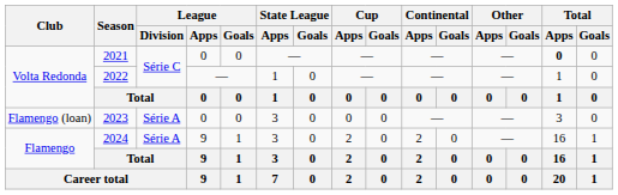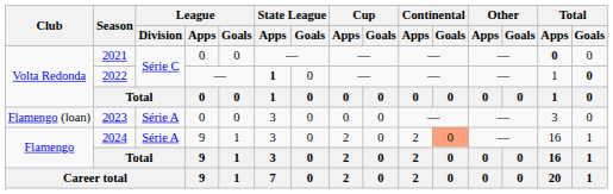 <table class="wikitable" style="text-align: center; font-size:96%">
 <tr>
 <th rowspan="2">Club</th>
 <th rowspan="2">Season</th>
 <th colspan="3">League</th>
 <th colspan="2">State League</th>
 <th colspan="2">Cup</th>
 <th colspan="2">Continental</th>
 <th colspan="2">Other</th>
 <th colspan="2">Total</th>
 </tr>
 <tr>
 <th>Division</th>
 <th>Apps</th>
 <th>Goals</th>
 <th>Apps</th>
 <th>Goals</th>
 <th>Apps</th>
 <th>Goals</th>
 <th>Apps</th>
 <th>Goals</th>
 <th>Apps</th>
 <th>Goals</th>
 <th>Apps</th>
 <th>Goals</th>
 </tr>
 <tr>
 <td rowspan="3" valign="center"><a href='#'>Volta Redonda</a></td>
 <td><a href='#'>2021</a></td>
 <td rowspan="2" valign="center"><a href='#'>Série C</a></td>
 <td>0</td>
 <td>0</td>
 <td colspan="2">—</td>
 <td colspan="2">—</td>
 <td colspan="2">—</td>
 <td colspan="2">—</td>
 <td><strong>0</strong></td>
 <td>0</td>
 </tr>
 <tr>
 <td><a href='#'>2022</a></td>
 <td colspan="2">—</td>
-<td>1</td>
+<td><strong>1</strong></td>
 <td>0</td>
 <td colspan="2">—</td>
 <td colspan="2">—</td>
 <td colspan="2">—</td>
 <td>1</td>
-<td>0</td>
+<td><strong>0</strong></td>
 </tr>
 <tr>
 <th colspan="2"><strong>Total</strong></th>
 <th>0</th>
 <th>0</th>
 <th>1</th>
 <th>0</th>
 <th>0</th>
 <th>0</th>
 <th>0</th>
 <th>0</th>
 <th>0</th>
 <th>0</th>
 <th>1</th>
 <th>0</th>
 </tr>
 <tr>
 <td rowspan="1" valign="center"><a href='#'>Flamengo</a> (loan)</td>
 <td><a href='#'>2023</a></td>
 <td rowspan="1" valign="center"><a href='#'>Série A</a></td>
 <td>0</td>
 <td>0</td>
 <td>3</td>
 <td>0</td>
 <td>0</td>
 <td>0</td>
 <td colspan="2">—</td>
 <td colspan="2">—</td>
 <td>3</td>
 <td>0</td>
 </tr>
 <tr>
 <td rowspan="2" valign="center"><a href='#'>Flamengo</a></td>
 <td><a href='#'>2024</a></td>
 <td rowspan="1" valign="center"><a href='#'>Série A</a></td>
 <td>9</td>
 <td>1</td>
 <td>3</td>
 <td>0</td>
 <td>2</td>
 <td>0</td>
 <td>2</td>
-<td>0</td>
+<td style="background: lightsalmon;">0</td>
 <td colspan="2">—</td>
 <td>16</td>
 <td>1</td>
 </tr>
 <tr>
 <th colspan="2"><strong>Total</strong></th>
 <th>9</th>
 <th>1</th>
 <th>3</th>
 <th>0</th>
 <th>2</th>
 <th>0</th>
 <th>2</th>
 <th>0</th>
 <th>0</th>
 <th>0</th>
 <th>16</th>
 <th>1</th>
 </tr>
 <tr>
 <th colspan="3"><strong>Career total</strong></th>
 <th>9</th>
 <th>1</th>
 <th>7</th>
 <th>0</th>
 <th>2</th>
 <th>0</th>
 <th>2</th>
 <th>0</th>
 <th>0</th>
 <th>0</th>
 <th>20</th>
 <th>1</th>
 </tr>
 </table>
